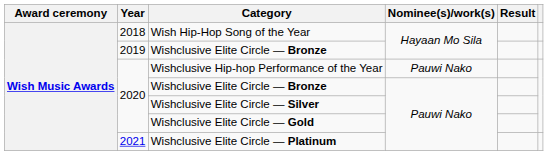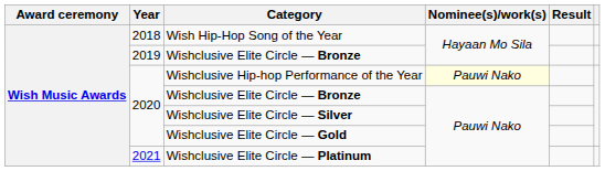 <table class="wikitable sortable">
 <tr>
 <th>Award ceremony</th>
 <th>Year</th>
 <th>Category</th>
 <th>Nominee(s)/work(s)</th>
 <th>Result</th>
 <th></th>
 </tr>
 <tr>
 <th rowspan="7"><a href='#'>Wish Music Awards</a></th>
 <td>2018</td>
 <td>Wish Hip-Hop Song of the Year</td>
 <td align="center"; rowspan="2"><em>Hayaan Mo Sila</em><br></td>
 <td></td>
 <td></td>
 </tr>
 <tr>
 <td>2019</td>
 <td>Wishclusive Elite Circle — <strong>Bronze</strong></td>
 <td></td>
 <td></td>
 </tr>
 <tr>
 <td rowspan="4">2020</td>
 <td>Wishclusive Hip-hop Performance of the Year</td>
-<td align="center"><em>Pauwi Nako</em><br></td>
+<td align="center" style="background: lightyellow;"><em>Pauwi Nako</em><br></td>
 <td></td>
 <td rowspan="4"></td>
 </tr>
 <tr>
 <td>Wishclusive Elite Circle — <strong>Bronze</strong></td>
 <td rowspan="4" align="center"><em>Pauwi Nako</em><br></td>
 <td></td>
 </tr>
 <tr>
 <td>Wishclusive Elite Circle — <strong>Silver</strong></td>
 <td></td>
 </tr>
 <tr>
 <td>Wishclusive Elite Circle — <strong>Gold</strong></td>
 <td></td>
 </tr>
 <tr>
 <td><a href='#'>2021</a></td>
 <td>Wishclusive Elite Circle — <strong>Platinum</strong></td>
 <td></td>
 <td></td>
 </tr>
 </table>
